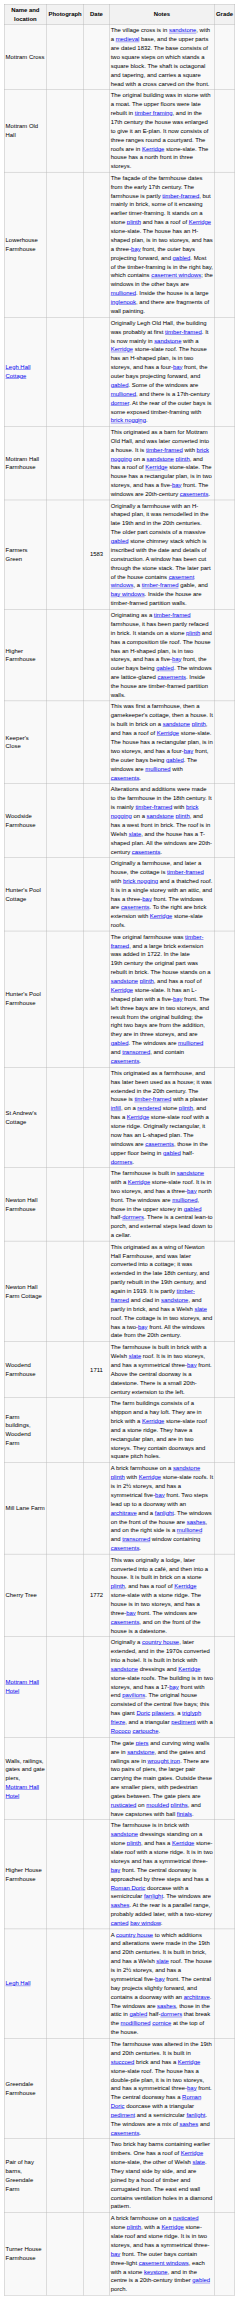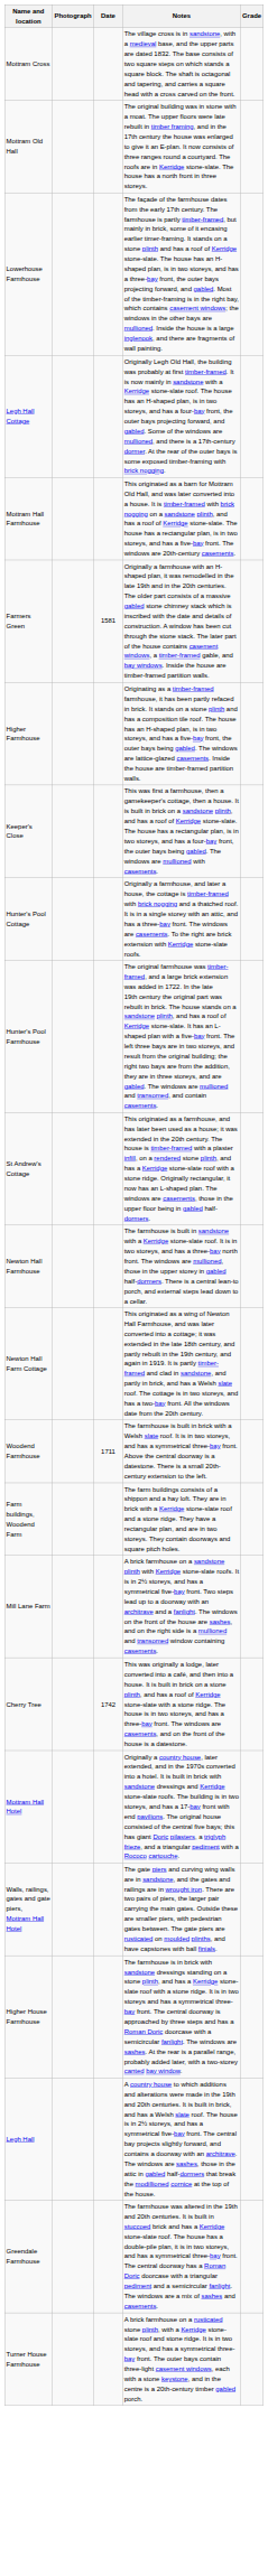 <table class="wikitable sortable plainrowheaders" style="width:100%;border:0px;text-align:left;line-height:150%;">
 <tr>
 <th scope="col" style="width:150px">Name and location</th>
 <th scope="col" style="width:100px" class="unsortable">Photograph</th>
 <th scope="col" style="width:120px">Date</th>
 <th scope="col" style="width:650px" class="unsortable">Notes</th>
 <th scope="col" style="width:50px">Grade</th>
 </tr>
 <tr>
 <td>Mottram Cross<br><small></small></td>
 <td></td>
 <td align="center"></td>
 <td>The village cross is in <a href='#'>sandstone</a>, with a <a href='#'>medieval</a> base, and the upper parts are dated 1832. The base consists of two square steps on which stands a square block. The shaft is octagonal and tapering, and carries a square head with a cross carved on the front.</td>
 <td align="center" ></td>
 </tr>
 <tr>
 <td>Mottram Old Hall<br><small></small></td>
 <td></td>
 <td align="center"></td>
 <td>The original building was in stone with a moat. The upper floors were late rebuilt in <a href='#'>timber framing</a>, and in the 17th century the house was enlarged to give it an E-plan. It now consists of three ranges round a courtyard. The roofs are in <a href='#'>Kerridge</a> stone-slate. The house has a north front in three storeys.</td>
 <td align="center" ></td>
 </tr>
 <tr>
 <td>Lowerhouse Farmhouse<br><small></small></td>
 <td></td>
 <td align="center"></td>
 <td>The façade of the farmhouse dates from the early 17th century. The farmhouse is partly <a href='#'>timber-framed</a>, but mainly in brick, some of it encasing earlier timer-framing. It stands on a stone <a href='#'>plinth</a> and has a roof of <a href='#'>Kerridge</a> stone-slate. The house has an H-shaped plan, is in two storeys, and has a three-<a href='#'>bay</a> front, the outer bays projecting forward, and <a href='#'>gabled</a>. Most of the timber-framing is in the right bay, which contains <a href='#'>casement windows</a>; the windows in the other bays are <a href='#'>mullioned</a>. Inside the house is a large <a href='#'>inglenook</a>, and there are fragments of wall painting.</td>
 <td align="center" ></td>
 </tr>
 <tr>
 <td><a href='#'>Legh Hall Cottage</a><br><small></small></td>
 <td></td>
 <td align="center"></td>
 <td>Originally Legh Old Hall, the building was probably at first <a href='#'>timber-framed</a>. It is now mainly in <a href='#'>sandstone</a> with a <a href='#'>Kerridge</a> stone-slate roof. The house has an H-shaped plan, is in two storeys, and has a four-<a href='#'>bay</a> front, the outer bays projecting forward, and <a href='#'>gabled</a>. Some of the windows are <a href='#'>mullioned</a>, and there is a 17th-century <a href='#'>dormer</a>. At the rear of the outer bays is some exposed timber-framing with <a href='#'>brick nogging</a>.</td>
 <td align="center" ></td>
 </tr>
 <tr>
 <td>Mottram Hall Farmhouse<br><small></small></td>
 <td></td>
 <td align="center"></td>
 <td>This originated as a barn for Mottram Old Hall, and was later converted into a house. It is <a href='#'>timber-framed</a> with <a href='#'>brick nogging</a> on a <a href='#'>sandstone</a> <a href='#'>plinth</a>, and has a roof of <a href='#'>Kerridge</a> stone-slate. The house has a rectangular plan, is in two storeys, and has a five-<a href='#'>bay</a> front. The windows are 20th-century <a href='#'>casements</a>.</td>
 <td align="center" ></td>
 </tr>
 <tr>
 <td>Farmers Green<br><small></small></td>
 <td></td>
-<td align="center">1583</td>
+<td align="center">1581</td>
 <td>Originally a farmhouse with an H-shaped plan, it was remodelled in the late 19th and in the 20th centuries. The older part consists of a massive <a href='#'>gabled</a> stone chimney stack which is inscribed with the date and details of construction. A window has been cut through the stone stack. The later part of the house contains <a href='#'>casement windows</a>, a <a href='#'>timber-framed</a> gable, and <a href='#'>bay windows</a>. Inside the house are timber-framed partition walls.</td>
 <td align="center" ></td>
 </tr>
 <tr>
 <td>Higher Farmhouse<br><small></small></td>
 <td></td>
 <td align="center"></td>
 <td>Originating as a <a href='#'>timber-framed</a> farmhouse, it has been partly refaced in brick. It stands on a stone <a href='#'>plinth</a> and has a composition tile roof. The house has an H-shaped plan, is in two storeys, and has a five-<a href='#'>bay</a> front, the outer bays being <a href='#'>gabled</a>. The windows are lattice-glazed <a href='#'>casements</a>. Inside the house are timber-framed partition walls.</td>
 <td align="center" ></td>
 </tr>
 <tr>
 <td>Keeper's Close<br><small></small></td>
 <td></td>
 <td align="center"></td>
 <td>This was first a farmhouse, then a gamekeeper's cottage, then a house. It is built in brick on a <a href='#'>sandstone</a> <a href='#'>plinth</a>, and has a roof of <a href='#'>Kerridge</a> stone-slate. The house has a rectangular plan, is in two storeys, and has a four-<a href='#'>bay</a> front, the outer bays being <a href='#'>gabled</a>. The windows are <a href='#'>mullioned</a> with <a href='#'>casements</a>.</td>
-<td align="center" ></td>
-</tr>
-<tr>
-<td>Woodside Farmhouse<br><small></small></td>
-<td></td>
-<td align="center"></td>
-<td>Alterations and additions were made to the farmhouse in the 18th century. It is mainly <a href='#'>timber-framed</a> with <a href='#'>brick nogging</a> on a <a href='#'>sandstone</a> <a href='#'>plinth</a>, and has a west front in brick. The roof is in Welsh <a href='#'>slate</a>, and the house has a T-shaped plan. All the windows are 20th-century <a href='#'>casements</a>.</td>
 <td align="center" ></td>
 </tr>
 <tr>
 <td>Hunter's Pool Cottage<br><small></small></td>
 <td></td>
 <td align="center"></td>
 <td>Originally a farmhouse, and later a house, the cottage is <a href='#'>timber-framed</a> with <a href='#'>brick nogging</a> and a thatched roof. It is in a single storey with an attic, and has a three-<a href='#'>bay</a> front. The windows are <a href='#'>casements</a>. To the right are brick extension with <a href='#'>Kerridge</a> stone-slate roofs.</td>
 <td align="center" ></td>
 </tr>
 <tr>
 <td>Hunter's Pool Farmhouse<br><small></small></td>
 <td></td>
 <td align="center"></td>
 <td>The original farmhouse was <a href='#'>timber-framed</a>, and a large brick extension was added in 1722. In the late 19th century the original part was rebuilt in brick. The house stands on a <a href='#'>sandstone</a> <a href='#'>plinth</a>, and has a roof of <a href='#'>Kerridge</a> stone-slate. It has an L-shaped plan with a five-<a href='#'>bay</a> front. The left three bays are in two storeys, and result from the original building; the right two bays are from the addition, they are in three storeys, and are <a href='#'>gabled</a>. The windows are <a href='#'>mullioned</a> and <a href='#'>transomed</a>, and contain <a href='#'>casements</a>.</td>
 <td align="center" ></td>
 </tr>
 <tr>
 <td>St Andrew's Cottage<br><small></small></td>
 <td></td>
 <td align="center"></td>
 <td>This originated as a farmhouse, and has later been used as a house; it was extended in the 20th century. The house is <a href='#'>timber-framed</a> with a plaster <a href='#'>infill</a>, on a <a href='#'>rendered</a> stone <a href='#'>plinth</a>, and has a <a href='#'>Kerridge</a> stone-slate roof with a stone ridge. Originally rectangular, it now has an L-shaped plan. The windows are <a href='#'>casements</a>, those in the upper floor being in <a href='#'>gabled</a> half-<a href='#'>dormers</a>.</td>
 <td align="center" ></td>
 </tr>
 <tr>
 <td>Newton Hall Farmhouse<br><small></small></td>
 <td></td>
 <td align="center"></td>
 <td>The farmhouse is built in <a href='#'>sandstone</a> with a <a href='#'>Kerridge</a> stone-slate roof. It is in two storeys, and has a three-<a href='#'>bay</a> north front. The windows are <a href='#'>mullioned</a>, those in the upper storey in <a href='#'>gabled</a> half-<a href='#'>dormers</a>. There is a central lean-to porch, and external steps lead down to a cellar.</td>
 <td align="center" ></td>
 </tr>
 <tr>
 <td>Newton Hall Farm Cottage<br><small></small></td>
 <td></td>
 <td align="center"></td>
 <td>This originated as a wing of Newton Hall Farmhouse, and was later converted into a cottage; it was extended in the late 18th century, and partly rebuilt in the 19th century, and again in 1919. It is partly <a href='#'>timber-framed</a> and clad in <a href='#'>sandstone</a>, and partly in brick, and has a Welsh <a href='#'>slate</a> roof. The cottage is in two storeys, and has a two-<a href='#'>bay</a> front. All the windows date from the 20th century.</td>
 <td align="center" ></td>
 </tr>
 <tr>
 <td>Woodend Farmhouse<br><small></small></td>
 <td></td>
 <td align="center">1711</td>
 <td>The farmhouse is built in brick with a Welsh <a href='#'>slate</a> roof. It is in two storeys, and has a symmetrical three-<a href='#'>bay</a> front. Above the central doorway is a datestone. There is a small 20th-century extension to the left.</td>
 <td align="center" ></td>
 </tr>
 <tr>
 <td>Farm buildings,<br>Woodend Farm<br><small></small></td>
 <td></td>
 <td align="center"></td>
 <td>The farm buildings consists of a shippon and a hay loft. They are in brick with a <a href='#'>Kerridge</a> stone-slate roof and a stone ridge. They have a rectangular plan, and are in two storeys. They contain doorways and square pitch holes.</td>
 <td align="center" ></td>
 </tr>
 <tr>
 <td>Mill Lane Farm<br><small></small></td>
 <td></td>
 <td align="center"></td>
 <td>A brick farmhouse on a <a href='#'>sandstone</a> <a href='#'>plinth</a> with <a href='#'>Kerridge</a> stone-slate roofs. It is in 2½ storeys, and has a symmetrical five-<a href='#'>bay</a> front. Two steps lead up to a doorway with an <a href='#'>architrave</a> and a <a href='#'>fanlight</a>. The windows on the front of the house are <a href='#'>sashes</a>, and on the right side is a <a href='#'>mullioned</a> and <a href='#'>transomed</a> window containing <a href='#'>casements</a>.</td>
 <td align="center" ></td>
 </tr>
 <tr>
 <td>Cherry Tree<br><small></small></td>
 <td></td>
-<td align="center">1772</td>
+<td align="center">1742</td>
 <td>This was originally a lodge, later converted into a café, and then into a house. It is built in brick on a stone <a href='#'>plinth</a>, and has a roof of <a href='#'>Kerridge</a> stone-slate with a stone ridge. The house is in two storeys, and has a three-<a href='#'>bay</a> front. The windows are <a href='#'>casements</a>, and on the front of the house is a datestone.</td>
 <td align="center" ></td>
 </tr>
 <tr>
 <td><a href='#'>Mottram Hall Hotel</a><br><small></small></td>
 <td></td>
 <td align="center"></td>
 <td>Originally a <a href='#'>country house</a>, later extended, and in the 1970s converted into a hotel. It is built in brick with <a href='#'>sandstone</a> dressings and <a href='#'>Kerridge</a> stone-slate roofs. The building is in two storeys, and has a 17-<a href='#'>bay</a> front with end <a href='#'>pavilions</a>. The original house consisted of the central five bays; this has giant <a href='#'>Doric</a> <a href='#'>pilasters</a>, a <a href='#'>triglyph</a> <a href='#'>frieze</a>, and a triangular <a href='#'>pediment</a> with a <a href='#'>Rococo</a> <a href='#'>cartouche</a>.</td>
 <td align="center" ></td>
 </tr>
 <tr>
 <td>Walls, railings, gates and gate piers,<br><a href='#'>Mottram Hall Hotel</a><br><small></small></td>
 <td></td>
 <td align="center"></td>
 <td>The gate <a href='#'>piers</a> and curving wing walls are in <a href='#'>sandstone</a>, and the gates and railings are in <a href='#'>wrought iron</a>. There are two pairs of piers, the larger pair carrying the main gates. Outside these are smaller piers, with pedestrian gates between. The gate piers are <a href='#'>rusticated</a> on <a href='#'>moulded</a> <a href='#'>plinths</a>, and have capstones with ball <a href='#'>finials</a>.</td>
 <td align="center" ></td>
 </tr>
 <tr>
 <td>Higher House Farmhouse<br><small></small></td>
 <td></td>
 <td align="center"></td>
 <td>The farmhouse is in brick with <a href='#'>sandstone</a> dressings standing on a stone <a href='#'>plinth</a>, and has a <a href='#'>Kerridge</a> stone-slate roof with a stone ridge. It is in two storeys and has a symmetrical three-<a href='#'>bay</a> front. The central doorway is approached by three steps and has a <a href='#'>Roman Doric</a> doorcase with a semicircular <a href='#'>fanlight</a>. The windows are <a href='#'>sashes</a>. At the rear is a parallel range, probably added later, with a two-storey <a href='#'>canted</a> <a href='#'>bay window</a>.</td>
 <td align="center" ></td>
 </tr>
 <tr>
 <td><a href='#'>Legh Hall</a><br><small></small></td>
 <td></td>
 <td align="center"></td>
 <td>A <a href='#'>country house</a> to which additions and alterations were made in the 19th and 20th centuries. It is built in brick, and has a Welsh <a href='#'>slate</a> roof. The house is in 2½ storeys, and has a symmetrical five-<a href='#'>bay</a> front. The central bay projects slightly forward, and contains a doorway with an <a href='#'>architrave</a>. The windows are <a href='#'>sashes</a>, those in the attic in <a href='#'>gabled</a> half-<a href='#'>dormers</a> that break the <a href='#'>modillioned</a> <a href='#'>cornice</a> at the top of the house.</td>
 <td align="center" ></td>
 </tr>
 <tr>
 <td>Greendale Farmhouse<br><small></small></td>
 <td></td>
 <td align="center"></td>
 <td>The farmhouse was altered in the 19th and 20th centuries. It is built in <a href='#'>stuccoed</a> brick and has a <a href='#'>Kerridge</a> stone-slate roof. The house has a double-pile plan, it is in two storeys, and has a symmetrical three-<a href='#'>bay</a> front. The central doorway has a <a href='#'>Roman Doric</a> doorcase with a triangular <a href='#'>pediment</a> and a semicircular <a href='#'>fanlight</a>. The windows are a mix of <a href='#'>sashes</a> and <a href='#'>casements</a>.</td>
 <td align="center" ></td>
 </tr>
 <tr>
-<td>Pair of hay barns,<br>Greendale Farm<br><small></small></td>
-<td></td>
-<td align="center"></td>
-<td>Two brick hay barns containing earlier timbers. One has a roof of <a href='#'>Kerridge</a> stone-slate, the other of Welsh <a href='#'>slate</a>. They stand side by side, and are joined by a hood of timber and corrugated iron. The east end wall contains ventilation holes in a diamond pattern.</td>
-<td align="center" ></td>
-</tr>
-<tr>
 <td>Turner House Farmhouse<br><small></small></td>
 <td></td>
 <td align="center"></td>
 <td>A brick farmhouse on a <a href='#'>rusticated</a> stone <a href='#'>plinth</a>, with a <a href='#'>Kerridge</a> stone-slate roof and stone ridge. It is in two storeys, and has a symmetrical three-<a href='#'>bay</a> front. The outer bays contain three-light <a href='#'>casement windows</a>, each with a stone <a href='#'>keystone</a>, and in the centre is a 20th-century timber <a href='#'>gabled</a> porch.</td>
 <td align="center" ></td>
 </tr>
 <tr>
 </tr>
 </table>
